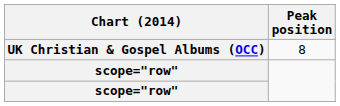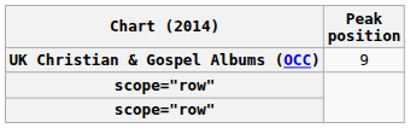 <table class="wikitable sortable plainrowheaders">
 <tr>
 <th scope="col">Chart (2014)</th>
 <th scope="col">Peak<br>position</th>
 </tr>
 <tr>
 <th scope="row">UK Christian & Gospel Albums (<a href='#'>OCC</a>)</th>
-<td align="center">8</td>
+<td align="center">9</td>
 </tr>
 <tr>
 <th>scope="row" </th>
 </tr>
 <tr>
 <th>scope="row" </th>
 </tr>
 </table>
